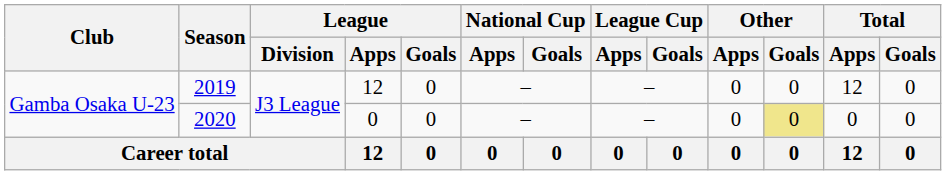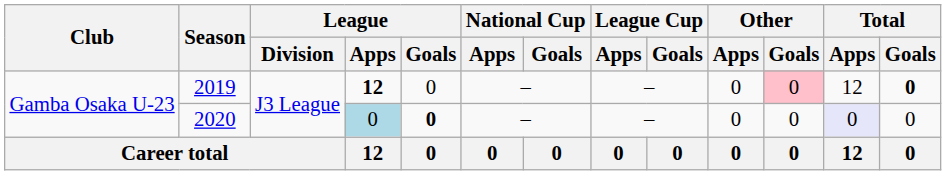 <table class="wikitable" style="text-align: center">
 <tr>
 <th rowspan="2">Club</th>
 <th rowspan="2">Season</th>
 <th colspan="3">League</th>
 <th colspan="2">National Cup</th>
 <th colspan="2">League Cup</th>
 <th colspan="2">Other</th>
 <th colspan="2">Total</th>
 </tr>
 <tr>
 <th>Division</th>
 <th>Apps</th>
 <th>Goals</th>
 <th>Apps</th>
 <th>Goals</th>
 <th>Apps</th>
 <th>Goals</th>
 <th>Apps</th>
 <th>Goals</th>
 <th>Apps</th>
 <th>Goals</th>
 </tr>
 <tr>
 <td rowspan="2"><a href='#'>Gamba Osaka U-23</a></td>
 <td><a href='#'>2019</a></td>
 <td rowspan="2"><a href='#'>J3 League</a></td>
-<td>12</td>
+<td><strong>12</strong></td>
 <td>0</td>
 <td colspan="2">–</td>
 <td colspan="2">–</td>
 <td>0</td>
-<td>0</td>
+<td style="background: pink;">0</td>
 <td>12</td>
-<td>0</td>
+<td><strong>0</strong></td>
 </tr>
 <tr>
 <td><a href='#'>2020</a></td>
-<td>0</td>
-<td>0</td>
+<td style="background: lightblue;">0</td>
+<td><strong>0</strong></td>
 <td colspan="2">–</td>
 <td colspan="2">–</td>
 <td>0</td>
-<td style="background: khaki;">0</td>
 <td>0</td>
+<td style="background: lavender;">0</td>
 <td>0</td>
 </tr>
 <tr>
 <th colspan=3>Career total</th>
 <th>12</th>
 <th>0</th>
 <th>0</th>
 <th>0</th>
 <th>0</th>
 <th>0</th>
 <th>0</th>
 <th>0</th>
 <th>12</th>
 <th>0</th>
 </tr>
 </table>
